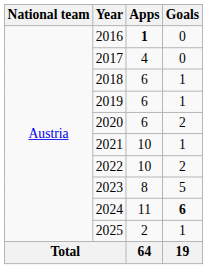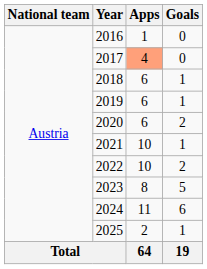 <table class="wikitable" style="text-align:center">
 <tr>
 <th>National team</th>
 <th>Year</th>
 <th>Apps</th>
 <th>Goals</th>
 </tr>
 <tr>
 <td rowspan="10"><a href='#'>Austria</a></td>
 <td>2016</td>
-<td><strong>1</strong></td>
+<td>1</td>
 <td>0</td>
 </tr>
 <tr>
 <td>2017</td>
-<td>4</td>
+<td style="background: lightsalmon;">4</td>
 <td>0</td>
 </tr>
 <tr>
 <td>2018</td>
 <td>6</td>
 <td>1</td>
 </tr>
 <tr>
 <td>2019</td>
 <td>6</td>
 <td>1</td>
 </tr>
 <tr>
 <td>2020</td>
 <td>6</td>
 <td>2</td>
 </tr>
 <tr>
 <td>2021</td>
 <td>10</td>
 <td>1</td>
 </tr>
 <tr>
 <td>2022</td>
 <td>10</td>
 <td>2</td>
 </tr>
 <tr>
 <td>2023</td>
 <td>8</td>
 <td>5</td>
 </tr>
 <tr>
 <td>2024</td>
 <td>11</td>
-<td><strong>6</strong></td>
+<td>6</td>
 </tr>
 <tr>
 <td>2025</td>
 <td>2</td>
 <td>1</td>
 </tr>
 <tr>
 <th colspan="2">Total</th>
 <th>64</th>
 <th>19</th>
 </tr>
 </table>
